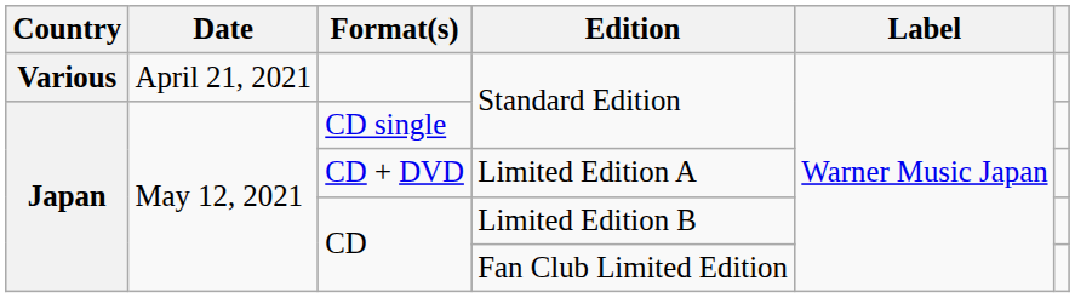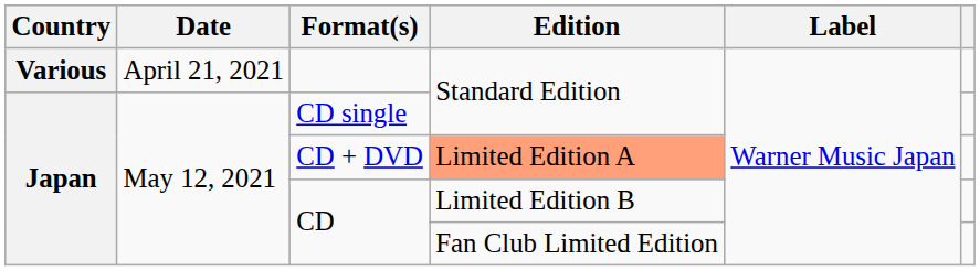 <table class="wikitable plainrowheaders" border="1">
 <tr>
 <th>Country</th>
 <th>Date</th>
 <th>Format(s)</th>
 <th>Edition</th>
 <th>Label</th>
 <th></th>
 </tr>
 <tr>
 <th scope="row">Various</th>
 <td>April 21, 2021</td>
 <td></td>
 <td rowspan="2">Standard Edition</td>
 <td rowspan="5"><a href='#'>Warner Music Japan</a></td>
 <td style="text-align:center;"></td>
 </tr>
 <tr>
 <th scope="row" rowspan="4">Japan</th>
 <td rowspan="4">May 12, 2021</td>
 <td><a href='#'>CD single</a></td>
 <td style="text-align:center;"></td>
 </tr>
 <tr>
 <td><a href='#'>CD</a> + <a href='#'>DVD</a></td>
-<td>Limited Edition A</td>
+<td style="background: lightsalmon;">Limited Edition A</td>
 <td style="text-align:center;"></td>
 </tr>
 <tr>
 <td rowspan="2">CD</td>
 <td>Limited Edition B</td>
 <td style="text-align:center;"></td>
 </tr>
 <tr>
 <td>Fan Club Limited Edition</td>
 <td style="text-align:center;"></td>
 </tr>
 </table>
